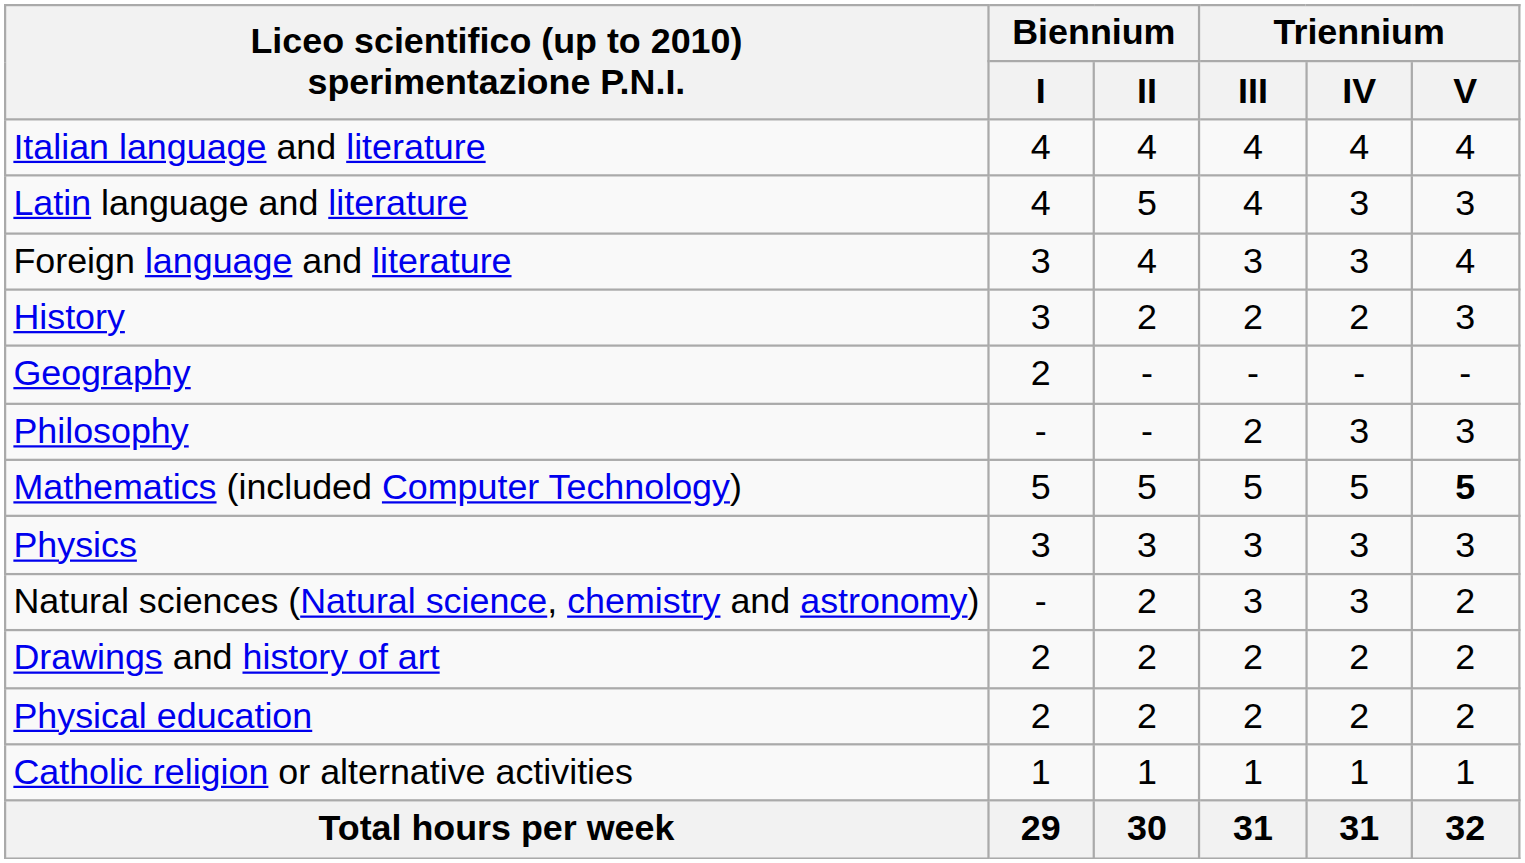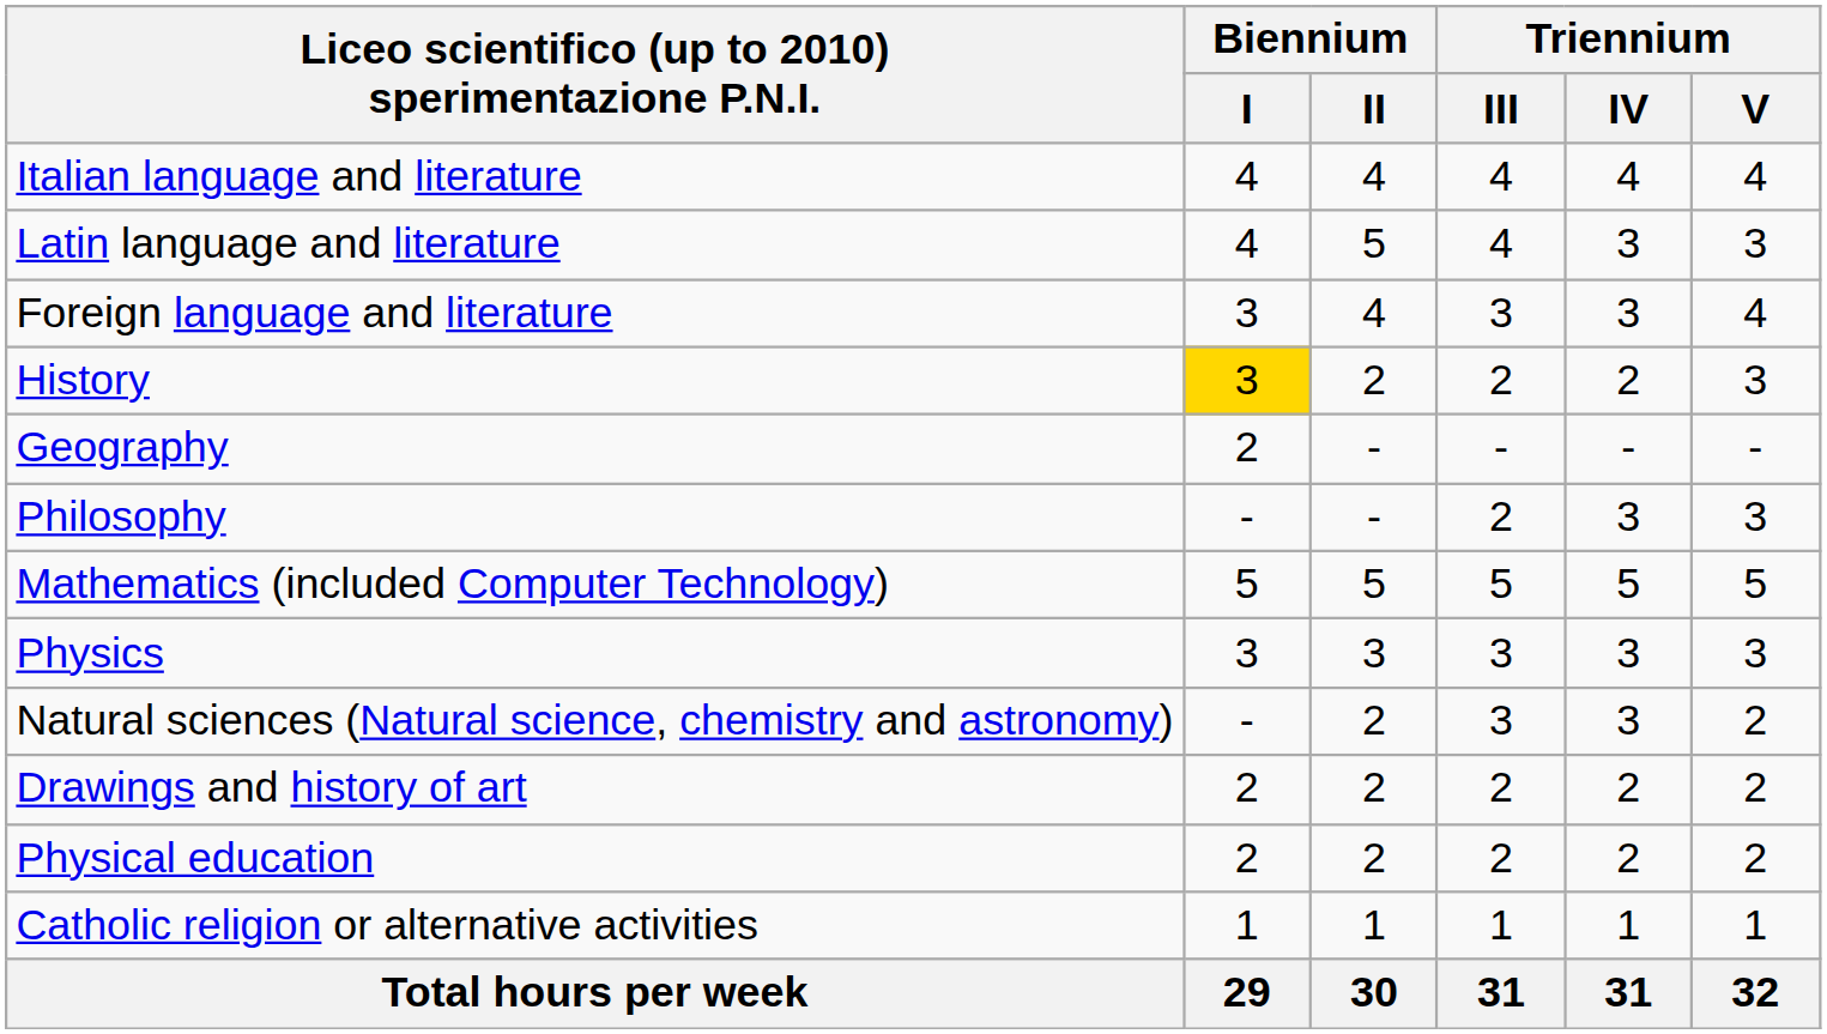 <table class="wikitable">
 <tr>
 <th rowspan="2">Liceo scientifico (up to 2010)<br>sperimentazione P.N.I.</th>
 <th colspan="2">Biennium</th>
 <th colspan="3">Triennium</th>
 </tr>
 <tr>
 <th width=40>I</th>
 <th width=40>II</th>
 <th width=40>III</th>
 <th width=40>IV</th>
 <th width=40>V</th>
 </tr>
 <tr align="center">
 <td align="left"><a href='#'>Italian language</a> and <a href='#'>literature</a></td>
 <td>4</td>
 <td>4</td>
 <td>4</td>
 <td>4</td>
 <td>4</td>
 </tr>
 <tr align="center">
 <td align="left"><a href='#'>Latin</a> language and <a href='#'>literature</a></td>
 <td>4</td>
 <td>5</td>
 <td>4</td>
 <td>3</td>
 <td>3</td>
 </tr>
 <tr align="center">
 <td align="left">Foreign <a href='#'>language</a> and <a href='#'>literature</a></td>
 <td>3</td>
 <td>4</td>
 <td>3</td>
 <td>3</td>
 <td>4</td>
 </tr>
 <tr align="center">
 <td align="left"><a href='#'>History</a></td>
-<td>3</td>
+<td style="background: gold;">3</td>
 <td>2</td>
 <td>2</td>
 <td>2</td>
 <td>3</td>
 </tr>
 <tr align="center">
 <td align="left"><a href='#'>Geography</a></td>
 <td>2</td>
 <td>-</td>
 <td>-</td>
 <td>-</td>
 <td>-</td>
 </tr>
 <tr align="center">
 <td align="left"><a href='#'>Philosophy</a></td>
 <td>-</td>
 <td>-</td>
 <td>2</td>
 <td>3</td>
 <td>3</td>
 </tr>
 <tr align="center">
 <td align="left"><a href='#'>Mathematics</a> (included <a href='#'>Computer Technology</a>)</td>
 <td>5</td>
 <td>5</td>
 <td>5</td>
 <td>5</td>
-<td><strong>5</strong></td>
+<td>5</td>
 </tr>
 <tr align="center">
 <td align="left"><a href='#'>Physics</a></td>
 <td>3</td>
 <td>3</td>
 <td>3</td>
 <td>3</td>
 <td>3</td>
 </tr>
 <tr align="center">
 <td align="left">Natural sciences (<a href='#'>Natural science</a>, <a href='#'>chemistry</a> and <a href='#'>astronomy</a>)</td>
 <td>-</td>
 <td>2</td>
 <td>3</td>
 <td>3</td>
 <td>2</td>
 </tr>
 <tr align="center">
 <td align="left"><a href='#'>Drawings</a> and <a href='#'>history of art</a></td>
 <td>2</td>
 <td>2</td>
 <td>2</td>
 <td>2</td>
 <td>2</td>
 </tr>
 <tr align="center">
 <td align="left"><a href='#'>Physical education</a></td>
 <td>2</td>
 <td>2</td>
 <td>2</td>
 <td>2</td>
 <td>2</td>
 </tr>
 <tr align="center">
 <td align="left"><a href='#'>Catholic religion</a> or alternative activities</td>
 <td>1</td>
 <td>1</td>
 <td>1</td>
 <td>1</td>
 <td>1</td>
 </tr>
 <tr>
 <th>Total hours per week</th>
 <th>29</th>
 <th>30</th>
 <th>31</th>
 <th>31</th>
 <th>32</th>
 </tr>
 </table>
